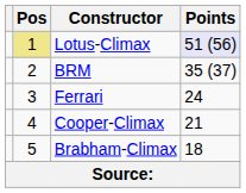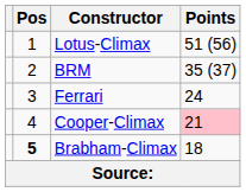 <table class="wikitable" style="font-size: 95%;">
 <tr>
 <th></th>
 <th>Pos</th>
 <th>Constructor</th>
 <th>Points</th>
 </tr>
 <tr>
 <td align="left"></td>
-<td align="center" style="background: khaki;">1</td>
+<td align="center">1</td>
 <td> <a href='#'>Lotus</a>-<a href='#'>Climax</a></td>
-<td align=left style="background: lavender;">51 (56)</td>
+<td align=left>51 (56)</td>
 </tr>
 <tr>
 <td align="left"></td>
 <td align="center">2</td>
 <td> <a href='#'>BRM</a></td>
 <td align=left>35 (37)</td>
 </tr>
 <tr>
 <td align="left"></td>
 <td align="center">3</td>
 <td> <a href='#'>Ferrari</a></td>
 <td align=left>24</td>
 </tr>
 <tr>
 <td align="left"></td>
 <td align="center">4</td>
 <td> <a href='#'>Cooper</a>-<a href='#'>Climax</a></td>
-<td align=left>21</td>
+<td align=left style="background: pink;">21</td>
 </tr>
 <tr>
 <td align="left"></td>
-<td align="center">5</td>
+<td align="center"><strong>5</strong></td>
 <td> <a href='#'>Brabham</a>-<a href='#'>Climax</a></td>
 <td align=left>18</td>
 </tr>
 <tr>
 <th colspan=4>Source:</th>
 </tr>
 </table>
